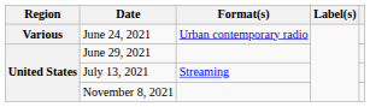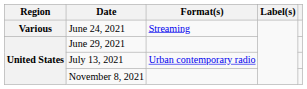 <table class="wikitable plainrowheaders">
 <tr>
 <th scope="col">Region</th>
 <th scope="col">Date</th>
 <th scope="col">Format(s)</th>
 <th scope="col">Label(s)</th>
 <th scope="col"></th>
 </tr>
 <tr>
 <th scope="row">Various</th>
 <td>June 24, 2021</td>
-<td><a href='#'>Urban contemporary radio</a></td>
+<td><a href='#'>Streaming</a></td>
 <td rowspan="4"></td>
 <td style="text-align:center;"></td>
 </tr>
 <tr>
 <th rowspan="3" scope="row">United States</th>
 <td>June 29, 2021</td>
 <td></td>
 <td style="text-align:center;"></td>
 </tr>
 <tr>
 <td>July 13, 2021</td>
-<td><a href='#'>Streaming</a></td>
+<td><a href='#'>Urban contemporary radio</a></td>
 <td style="text-align:center;"></td>
 </tr>
 <tr>
 <td>November 8, 2021</td>
 <td></td>
 <td style="text-align:center;"></td>
 </tr>
 </table>
